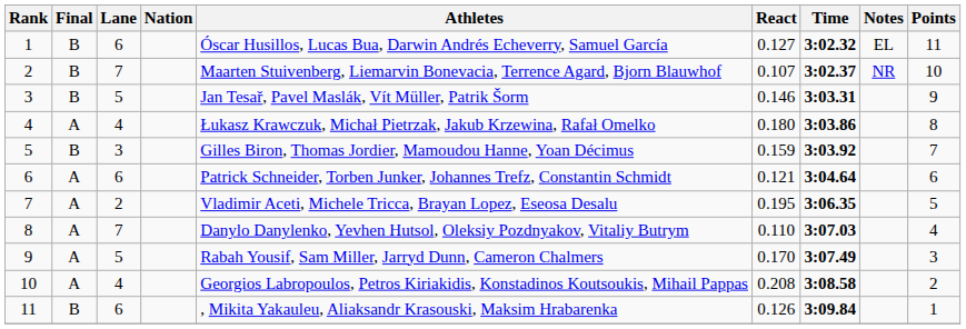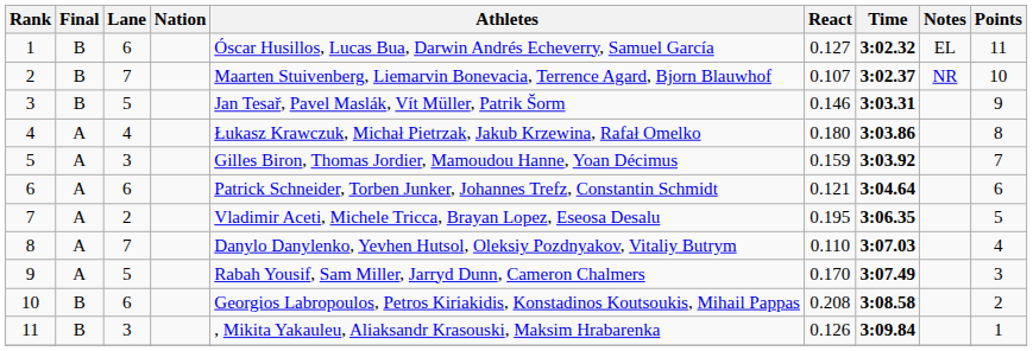 <table class="wikitable sortable" style="text-align:center">
 <tr>
 <th>Rank</th>
 <th>Final</th>
 <th>Lane</th>
 <th>Nation</th>
 <th>Athletes</th>
 <th>React</th>
 <th>Time</th>
 <th>Notes</th>
 <th>Points</th>
 </tr>
 <tr>
 <td>1</td>
 <td>B</td>
 <td>6</td>
 <td align=left></td>
 <td align=left><a href='#'>Óscar Husillos</a>, <a href='#'>Lucas Bua</a>, <a href='#'>Darwin Andrés Echeverry</a>, <a href='#'>Samuel García</a></td>
 <td>0.127</td>
 <td><strong>3:02.32</strong></td>
 <td>EL</td>
 <td>11</td>
 </tr>
 <tr>
 <td>2</td>
 <td>B</td>
 <td>7</td>
 <td align=left></td>
 <td align=left><a href='#'>Maarten Stuivenberg</a>, <a href='#'>Liemarvin Bonevacia</a>, <a href='#'>Terrence Agard</a>, <a href='#'>Bjorn Blauwhof</a></td>
 <td>0.107</td>
 <td><strong>3:02.37</strong></td>
 <td><a href='#'>NR</a></td>
 <td>10</td>
 </tr>
 <tr>
 <td>3</td>
 <td>B</td>
 <td>5</td>
 <td align=left></td>
 <td align=left><a href='#'>Jan Tesař</a>, <a href='#'>Pavel Maslák</a>, <a href='#'>Vít Müller</a>, <a href='#'>Patrik Šorm</a></td>
 <td>0.146</td>
 <td><strong>3:03.31</strong></td>
 <td></td>
 <td>9</td>
 </tr>
 <tr>
 <td>4</td>
 <td>A</td>
 <td>4</td>
 <td align=left></td>
 <td align=left><a href='#'>Łukasz Krawczuk</a>, <a href='#'>Michał Pietrzak</a>, <a href='#'>Jakub Krzewina</a>, <a href='#'>Rafał Omelko</a></td>
 <td>0.180</td>
 <td><strong>3:03.86</strong></td>
 <td></td>
 <td>8</td>
 </tr>
 <tr>
 <td>5</td>
-<td>B</td>
+<td>A</td>
 <td>3</td>
 <td align=left></td>
 <td align=left><a href='#'>Gilles Biron</a>, <a href='#'>Thomas Jordier</a>, <a href='#'>Mamoudou Hanne</a>, <a href='#'>Yoan Décimus</a></td>
 <td>0.159</td>
 <td><strong>3:03.92</strong></td>
 <td></td>
 <td>7</td>
 </tr>
 <tr>
 <td>6</td>
 <td>A</td>
 <td>6</td>
 <td align=left></td>
 <td align=left><a href='#'>Patrick Schneider</a>, <a href='#'>Torben Junker</a>, <a href='#'>Johannes Trefz</a>, <a href='#'>Constantin Schmidt</a></td>
 <td>0.121</td>
 <td><strong>3:04.64</strong></td>
 <td></td>
 <td>6</td>
 </tr>
 <tr>
 <td>7</td>
 <td>A</td>
 <td>2</td>
 <td align=left></td>
 <td align=left><a href='#'>Vladimir Aceti</a>, <a href='#'>Michele Tricca</a>, <a href='#'>Brayan Lopez</a>, <a href='#'>Eseosa Desalu</a></td>
 <td>0.195</td>
 <td><strong>3:06.35</strong></td>
 <td></td>
 <td>5</td>
 </tr>
 <tr>
 <td>8</td>
 <td>A</td>
 <td>7</td>
 <td align=left></td>
 <td align=left><a href='#'>Danylo Danylenko</a>, <a href='#'>Yevhen Hutsol</a>, <a href='#'>Oleksiy Pozdnyakov</a>, <a href='#'>Vitaliy Butrym</a></td>
 <td>0.110</td>
 <td><strong>3:07.03</strong></td>
 <td></td>
 <td>4</td>
 </tr>
 <tr>
 <td>9</td>
 <td>A</td>
 <td>5</td>
 <td align=left></td>
 <td align=left><a href='#'>Rabah Yousif</a>, <a href='#'>Sam Miller</a>, <a href='#'>Jarryd Dunn</a>, <a href='#'>Cameron Chalmers</a></td>
 <td>0.170</td>
 <td><strong>3:07.49</strong></td>
 <td></td>
 <td>3</td>
 </tr>
 <tr>
 <td>10</td>
-<td>A</td>
-<td>4</td>
+<td>B</td>
+<td>6</td>
 <td align=left></td>
 <td align=left><a href='#'>Georgios Labropoulos</a>, <a href='#'>Petros Kiriakidis</a>, <a href='#'>Konstadinos Koutsoukis</a>, <a href='#'>Mihail Pappas</a></td>
 <td>0.208</td>
 <td><strong>3:08.58</strong></td>
 <td></td>
 <td>2</td>
 </tr>
 <tr>
 <td>11</td>
 <td>B</td>
-<td>6</td>
+<td>3</td>
 <td align=left></td>
 <td align=left>, <a href='#'>Mikita Yakauleu</a>, <a href='#'>Aliaksandr Krasouski</a>, <a href='#'>Maksim Hrabarenka</a></td>
 <td>0.126</td>
 <td><strong>3:09.84</strong></td>
 <td></td>
 <td>1</td>
 </tr>
 <tr>
 </tr>
 </table>
